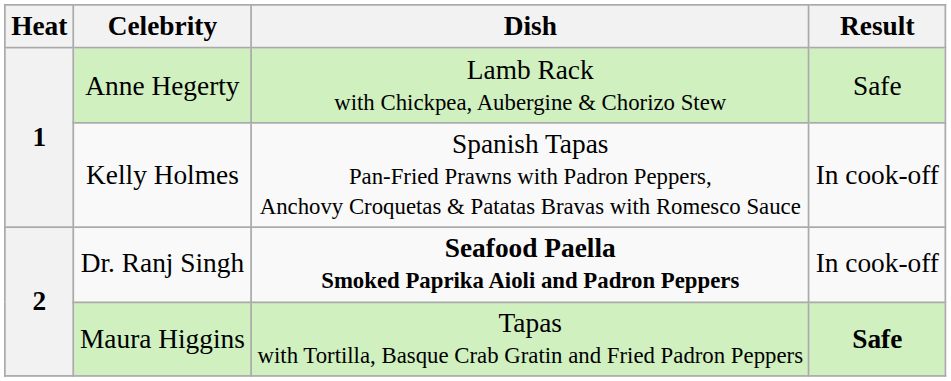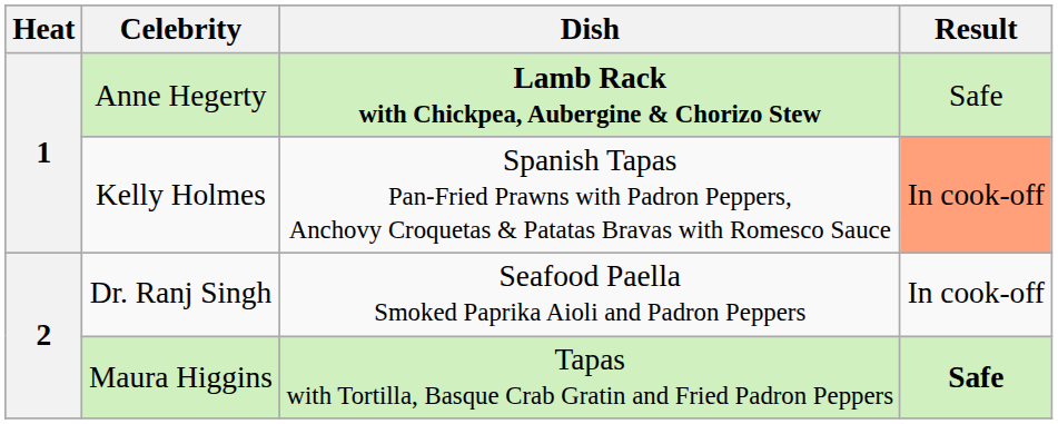 <table class="wikitable" style="text-align:center;">
 <tr>
 <th>Heat</th>
 <th>Celebrity</th>
 <th>Dish</th>
 <th>Result</th>
 </tr>
 <tr>
 <th rowspan="2">1</th>
 <td style="background:#d0f0c0;">Anne Hegerty</td>
-<td style="background:#d0f0c0;">Lamb Rack<br><small>with Chickpea, Aubergine & Chorizo Stew</small></td>
+<td style="background:#d0f0c0;"><strong>Lamb Rack<br><small>with Chickpea, Aubergine & Chorizo Stew</small></strong></td>
 <td style="background:#d0f0c0;">Safe</td>
 </tr>
 <tr>
 <td>Kelly Holmes</td>
 <td>Spanish Tapas<br><small>Pan-Fried Prawns with Padron Peppers,<br>Anchovy Croquetas & Patatas Bravas with Romesco Sauce</small></td>
-<td>In cook-off</td>
+<td style="background: lightsalmon;">In cook-off</td>
 </tr>
 <tr>
 <th rowspan="2">2</th>
 <td>Dr. Ranj Singh</td>
-<td><strong>Seafood Paella<br><small>Smoked Paprika Aioli and Padron Peppers</small></strong></td>
+<td>Seafood Paella<br><small>Smoked Paprika Aioli and Padron Peppers</small></td>
 <td>In cook-off</td>
 </tr>
 <tr>
 <td style="background:#d0f0c0;">Maura Higgins</td>
 <td style="background:#d0f0c0;">Tapas<br><small>with Tortilla, Basque Crab Gratin and Fried Padron Peppers</small></td>
 <td style="background:#d0f0c0;"><strong>Safe</strong></td>
 </tr>
 </table>
